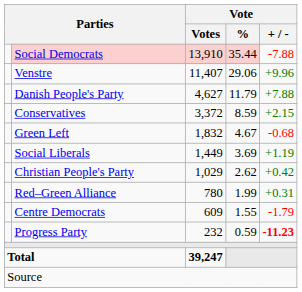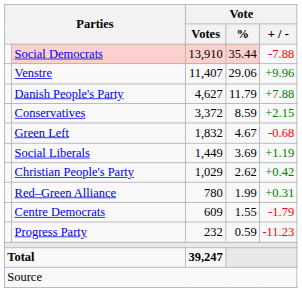 <table class="wikitable" style="text-align:right;">
 <tr>
 <th style="text-align:centre;" rowspan="2" colspan="2" width="225">Parties</th>
 <th colspan="3">Vote</th>
 </tr>
 <tr>
 <th width="15">Votes</th>
 <th width="15">%</th>
 <th width="15">+ / -</th>
 </tr>
 <tr>
 <td width="2" style="color:inherit;background:"></td>
 <td bgcolor=#fbd0ce  align="left"><a href='#'>Social Democrats</a></td>
 <td bgcolor=#fbd0ce>13,910</td>
 <td bgcolor=#fbd0ce>35.44</td>
 <td style=color:red;>-7.88</td>
 </tr>
 <tr>
 <td width="2" style="color:inherit;background:"></td>
 <td align="left"><a href='#'>Venstre</a></td>
 <td>11,407</td>
 <td>29.06</td>
 <td style=color:green;>+9.96</td>
 </tr>
 <tr>
 <td width="2" style="color:inherit;background:"></td>
 <td align="left"><a href='#'>Danish People's Party</a></td>
 <td>4,627</td>
 <td>11.79</td>
 <td style=color:green;>+7.88</td>
 </tr>
 <tr>
 <td width="2" style="color:inherit;background:"></td>
 <td align="left"><a href='#'>Conservatives</a></td>
 <td>3,372</td>
 <td>8.59</td>
 <td style=color:green;>+2.15</td>
 </tr>
 <tr>
 <td width="2" style="color:inherit;background:"></td>
 <td align="left"><a href='#'>Green Left</a></td>
 <td>1,832</td>
 <td>4.67</td>
 <td style=color:red;>-0.68</td>
 </tr>
 <tr>
 <td width="2" style="color:inherit;background:"></td>
 <td align="left"><a href='#'>Social Liberals</a></td>
 <td>1,449</td>
 <td>3.69</td>
 <td style=color:green;>+1.19</td>
 </tr>
 <tr>
 <td width="2" style="color:inherit;background:"></td>
 <td align="left"><a href='#'>Christian People's Party</a></td>
 <td>1,029</td>
 <td>2.62</td>
 <td style=color:green;>+0.42</td>
 </tr>
 <tr>
 <td width="2" style="color:inherit;background:"></td>
 <td align="left"><a href='#'>Red–Green Alliance</a></td>
 <td>780</td>
 <td>1.99</td>
 <td style=color:green;>+0.31</td>
 </tr>
 <tr>
 <td width="2" style="color:inherit;background:"></td>
 <td align="left"><a href='#'>Centre Democrats</a></td>
 <td>609</td>
 <td>1.55</td>
 <td style=color:red;>-1.79</td>
 </tr>
 <tr>
 <td width="2" style="color:inherit;background:"></td>
 <td align="left"><a href='#'>Progress Party</a></td>
 <td>232</td>
 <td>0.59</td>
-<td style=color:red;><strong>-11.23</strong></td>
+<td style=color:red;>-11.23</td>
 </tr>
 <tr>
 <td colspan="7" bgcolor="#E9E9E9"></td>
 </tr>
 <tr>
 <td align="left" colspan="2"><strong>Total</strong></td>
 <td><strong>39,247</strong></td>
 <td bgcolor="#E9E9E9" colspan="2"></td>
 </tr>
 <tr>
 <td align="left" colspan="6">Source</td>
 </tr>
 </table>
